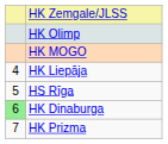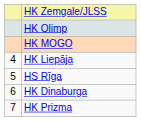 <table class="wikitable" style="width:210px;">
 <tr style="background:#F7F6A8;">
 <td align=center style="width:20px;"></td>
 <td><a href='#'>HK Zemgale/JLSS</a></td>
 </tr>
 <tr style="background:#DCE5E5;">
 <td align=center></td>
 <td><a href='#'>HK Olimp</a></td>
 </tr>
 <tr style="background:#FFDAB9;">
 <td align=center></td>
 <td><a href='#'>HK MOGO</a></td>
 </tr>
 <tr>
 <td align=center>4</td>
 <td><a href='#'>HK Liepāja</a></td>
 </tr>
 <tr>
 <td align=center>5</td>
 <td><a href='#'>HS Rīga</a></td>
 </tr>
 <tr>
-<td align=center style="background: lightgreen;">6</td>
+<td align=center>6</td>
 <td><a href='#'>HK Dinaburga</a></td>
 </tr>
 <tr>
 <td align=center>7</td>
 <td><a href='#'>HK Prizma</a></td>
 </tr>
 </table>
